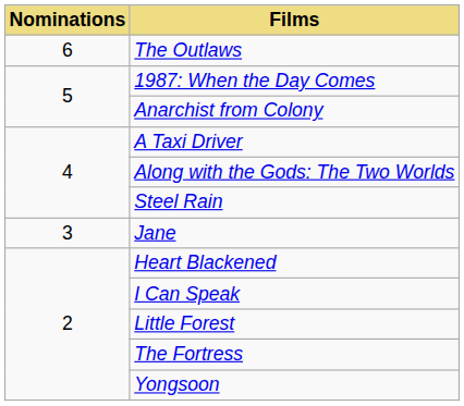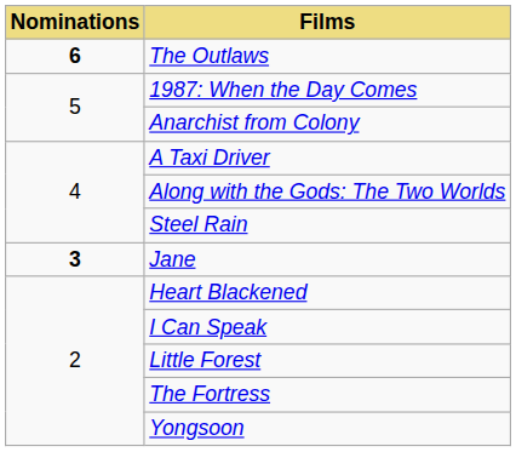 <table class="wikitable">
 <tr>
 <th style="background:#EEDD82; text-align:center">Nominations</th>
 <th style="background:#EEDD82; text-align:center">Films</th>
 </tr>
 <tr>
-<td style="text-align:center">6</td>
+<td style="text-align:center"><strong>6</strong></td>
 <td><em><a href='#'>The Outlaws</a></em></td>
 </tr>
 <tr>
 <td rowspan="2" style="text-align:center">5</td>
 <td><em><a href='#'>1987: When the Day Comes</a></em></td>
 </tr>
 <tr>
 <td><em><a href='#'>Anarchist from Colony</a></em></td>
 </tr>
 <tr>
 <td rowspan="3" style="text-align:center">4</td>
 <td><em><a href='#'>A Taxi Driver</a></em></td>
 </tr>
 <tr>
 <td><em><a href='#'>Along with the Gods: The Two Worlds</a></em></td>
 </tr>
 <tr>
 <td><em><a href='#'>Steel Rain</a></em></td>
 </tr>
 <tr>
-<td style="text-align:center">3</td>
+<td style="text-align:center"><strong>3</strong></td>
 <td><em><a href='#'>Jane</a></em></td>
 </tr>
 <tr>
 <td rowspan="5" style="text-align:center">2</td>
 <td><em><a href='#'>Heart Blackened</a></em></td>
 </tr>
 <tr>
 <td><em><a href='#'>I Can Speak</a></em></td>
 </tr>
 <tr>
 <td><em><a href='#'>Little Forest</a></em></td>
 </tr>
 <tr>
 <td><em><a href='#'>The Fortress</a></em></td>
 </tr>
 <tr>
 <td><em><a href='#'>Yongsoon</a></em></td>
 </tr>
 </table>
